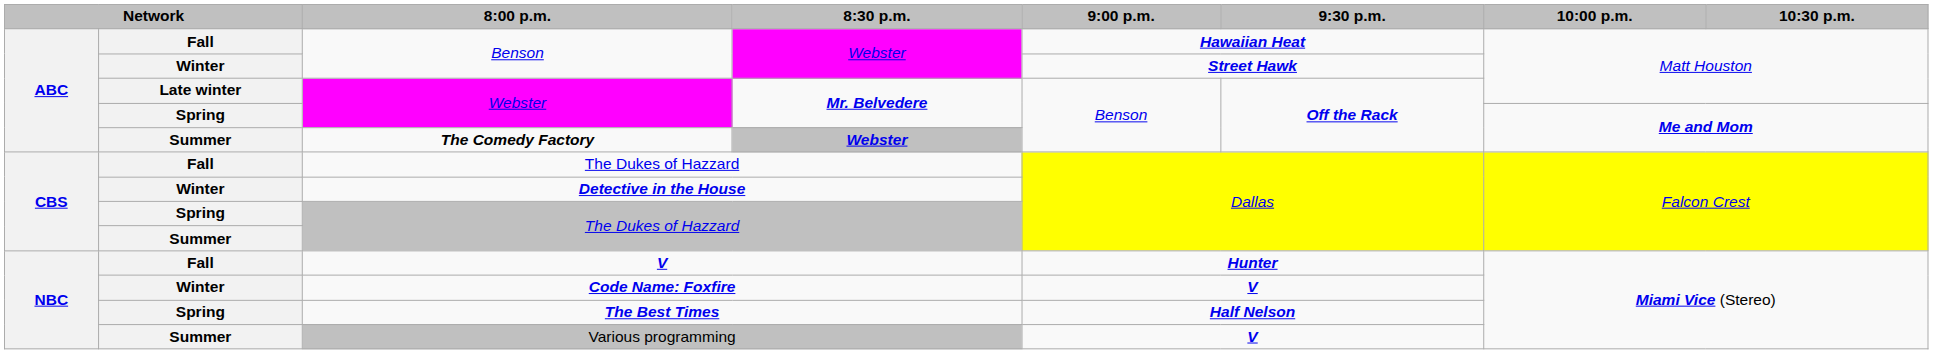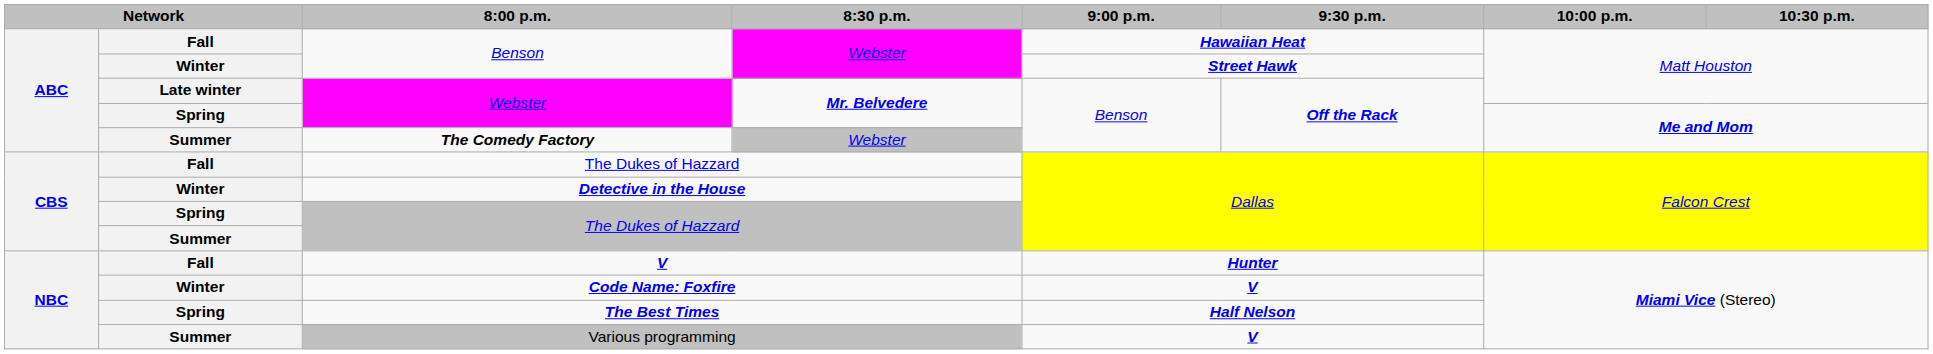 <table class="wikitable" style="width:100%;margin-right:0;text-align:center">
 <tr>
 <th colspan="2" style="background-color:#C0C0C0;text-align:center;width:15.5%;">Network</th>
 <th style="background-color:#C0C0C0;text-align:center">8:00 p.m.</th>
 <th style="background-color:#C0C0C0;text-align:center">8:30 p.m.</th>
 <th style="background-color:#C0C0C0;text-align:center">9:00 p.m.</th>
 <th style="background-color:#C0C0C0;text-align:center">9:30 p.m.</th>
 <th style="background-color:#C0C0C0;text-align:center">10:00 p.m.</th>
 <th style="background-color:#C0C0C0;text-align:center">10:30 p.m.</th>
 </tr>
 <tr>
 <th rowspan="5"><a href='#'>ABC</a></th>
 <th>Fall</th>
 <td rowspan="2"><em><a href='#'>Benson</a></em></td>
 <td style="background:#FF00FF;" rowspan="2"><em><a href='#'>Webster</a></em> </td>
 <td colspan="2"><strong><em><a href='#'>Hawaiian Heat</a></em></strong></td>
 <td colspan="2" rowspan="3"><em><a href='#'>Matt Houston</a></em></td>
 </tr>
 <tr>
 <th>Winter</th>
 <td colspan="2"><strong><em><a href='#'>Street Hawk</a></em></strong></td>
 </tr>
 <tr>
 <th>Late winter</th>
 <td style="background:#FF00FF;" rowspan="2"><em><a href='#'>Webster</a></em> </td>
 <td rowspan="2"><strong><em><a href='#'>Mr. Belvedere</a></em></strong></td>
 <td rowspan="3"><em><a href='#'>Benson</a></em></td>
 <td rowspan="3"><strong><em><a href='#'>Off the Rack</a></em></strong></td>
 </tr>
 <tr>
 <th>Spring</th>
 <td colspan="2" rowspan="2"><strong><em><a href='#'>Me and Mom</a></em></strong></td>
 </tr>
 <tr>
 <th>Summer</th>
 <td><strong><em>The Comedy Factory</em></strong></td>
-<td style="background:#C0C0C0;"><strong><em><a href='#'>Webster</a></em> </strong></td>
+<td style="background:#C0C0C0;"><em><a href='#'>Webster</a></em> </td>
 </tr>
 <tr>
 <th rowspan="4"><a href='#'>CBS</a></th>
 <th>Fall</th>
 <td colspan="2"><em><a href='#'></em>The Dukes of Hazzard<em></a></em></td>
 <td style="background:#FFFF00;" colspan="2" rowspan="4"><em><a href='#'>Dallas</a></em> </td>
 <td style="background:#FFFF00;" colspan="2" rowspan="4"><em><a href='#'>Falcon Crest</a></em> </td>
 </tr>
 <tr>
 <th>Winter</th>
 <td colspan="2"><strong><em><a href='#'>Detective in the House</a></em></strong></td>
 </tr>
 <tr>
 <th>Spring</th>
 <td colspan="2" rowspan="2" style="background:#C0C0C0;"><em><a href='#'>The Dukes of Hazzard</a></em> </td>
 </tr>
 <tr>
 <th>Summer</th>
 </tr>
 <tr>
 <th rowspan="4"><a href='#'>NBC</a></th>
 <th>Fall</th>
 <td colspan="2"><strong><em><a href='#'>V</a></em></strong></td>
 <td colspan="2"><strong><em><a href='#'>Hunter</a></em></strong></td>
 <td colspan="2" rowspan="4"><strong><em><a href='#'>Miami Vice</a></em></strong> (Stereo)</td>
 </tr>
 <tr>
 <th>Winter</th>
 <td colspan="2"><strong><em><a href='#'>Code Name: Foxfire</a></em></strong></td>
 <td colspan="2"><strong><em><a href='#'>V</a></em></strong></td>
 </tr>
 <tr>
 <th>Spring</th>
 <td colspan="2"><em><a href='#'><strong>The Best Times</strong></a></em></td>
 <td colspan="2"><em><a href='#'><strong>Half Nelson</strong></a></em></td>
 </tr>
 <tr>
 <th>Summer</th>
 <td colspan="2" style="background:#C0C0C0;">Various programming</td>
 <td colspan="2"><strong><em><a href='#'>V</a></em></strong></td>
 </tr>
 </table>
